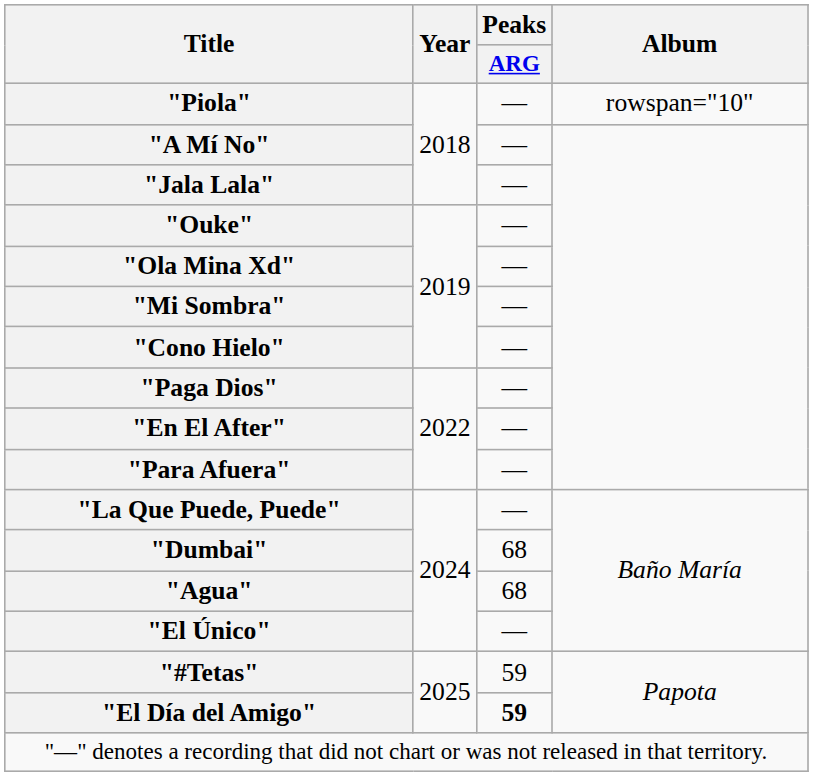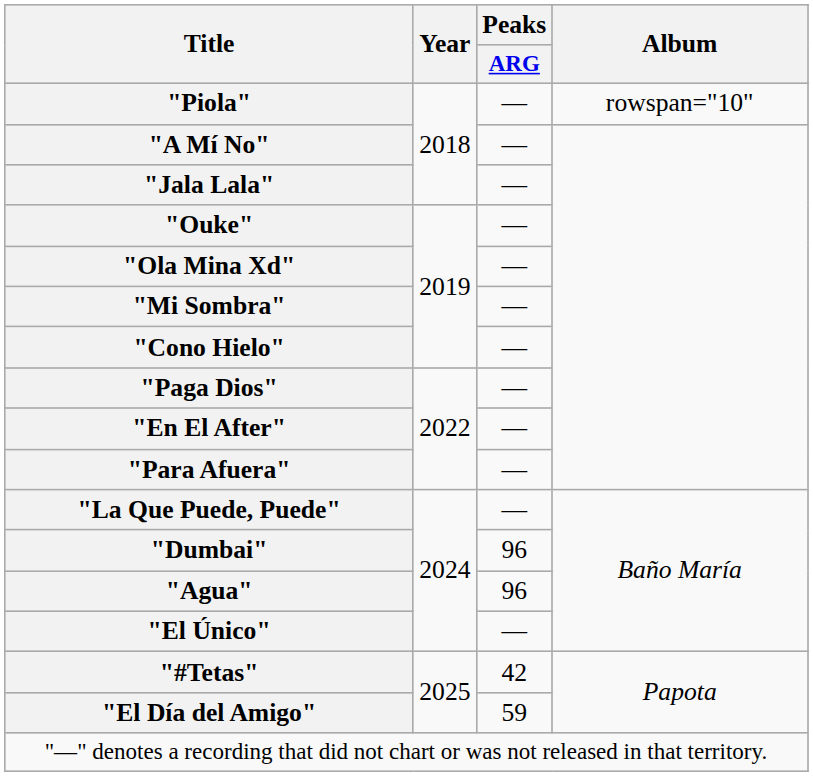 <table class="wikitable plainrowheaders" style="text-align:center;">
 <tr>
 <th scope="col" rowspan="2" style="width:15.5em;">Title</th>
 <th scope="col" rowspan="2" style="width:1em;">Year</th>
 <th scope="col" colspan="1">Peaks</th>
 <th scope="col" rowspan="2" style="width:9.5em;">Album</th>
 </tr>
 <tr>
 <th scope="col" style="width:2.5em;font-size:90%;"><a href='#'>ARG</a><br></th>
 </tr>
 <tr>
 <th scope="row">"Piola"</th>
 <td rowspan="3">2018</td>
 <td>—</td>
 <td>rowspan="10" </td>
 </tr>
 <tr>
 <th scope="row">"A Mí No"</th>
 <td>—</td>
 </tr>
 <tr>
 <th scope="row">"Jala Lala"</th>
 <td>—</td>
 </tr>
 <tr>
 <th scope="row">"Ouke"</th>
 <td rowspan="4">2019</td>
 <td>—</td>
 </tr>
 <tr>
 <th scope="row">"Ola Mina Xd"</th>
 <td>—</td>
 </tr>
 <tr>
 <th scope="row">"Mi Sombra"</th>
 <td>—</td>
 </tr>
 <tr>
 <th scope="row">"Cono Hielo"</th>
 <td>—</td>
 </tr>
 <tr>
 <th scope="row">"Paga Dios"</th>
 <td rowspan="3">2022</td>
 <td>—</td>
 </tr>
 <tr>
 <th scope="row">"En El After"</th>
 <td>—</td>
 </tr>
 <tr>
 <th scope="row">"Para Afuera"</th>
 <td>—</td>
 </tr>
 <tr>
 <th scope="row">"La Que Puede, Puede"</th>
 <td rowspan="4">2024</td>
 <td>—</td>
 <td rowspan="4"><em>Baño María</em></td>
 </tr>
 <tr>
 <th scope="row">"Dumbai"</th>
-<td>68</td>
+<td>96</td>
 </tr>
 <tr>
 <th scope="row">"Agua"<br></th>
-<td>68</td>
+<td>96</td>
 </tr>
 <tr>
 <th scope="row">"El Único"</th>
 <td>—</td>
 </tr>
 <tr>
 <th scope="row">"#Tetas"</th>
 <td rowspan="2">2025</td>
-<td>59</td>
+<td>42</td>
 <td rowspan="2"><em>Papota</em></td>
 </tr>
 <tr>
 <th scope="row">"El Día del Amigo"</th>
-<td><strong>59</strong></td>
+<td>59</td>
 </tr>
 <tr>
 <td colspan="14" style="font-size:90%">"—" denotes a recording that did not chart or was not released in that territory.</td>
 </tr>
 </table>
